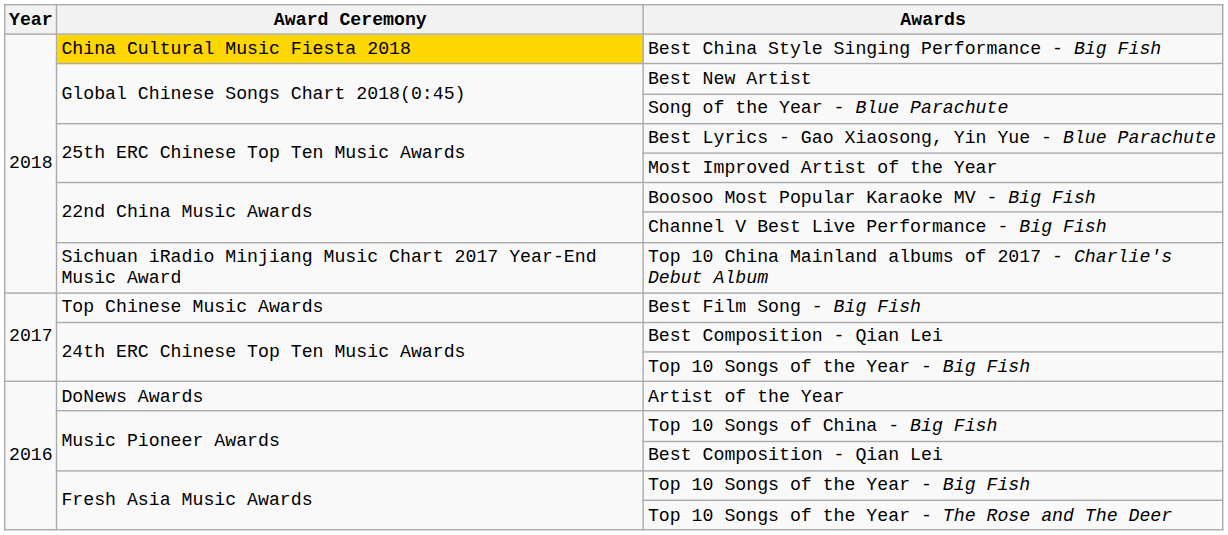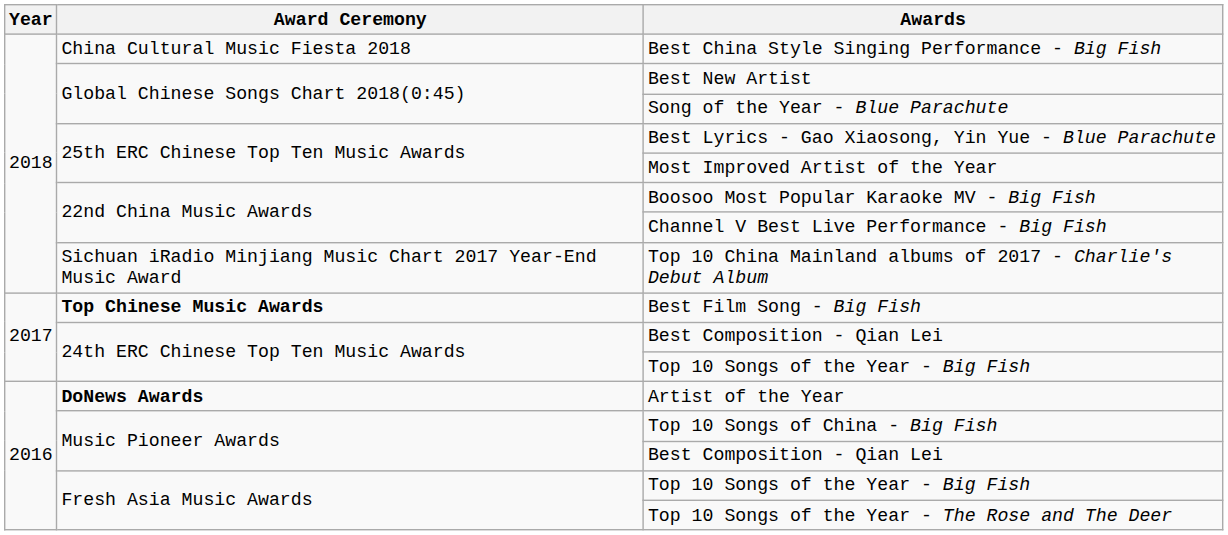 <table class="wikitable">
 <tr>
 <th>Year</th>
 <th>Award Ceremony</th>
 <th>Awards</th>
 </tr>
 <tr>
 <td rowspan="8">2018</td>
-<td style="background: gold;">China Cultural Music Fiesta 2018</td>
+<td>China Cultural Music Fiesta 2018</td>
 <td>Best China Style Singing Performance - <em>Big Fish</em></td>
 </tr>
 <tr>
 <td rowspan="2">Global Chinese Songs Chart 2018(0:45)</td>
 <td>Best New Artist</td>
 </tr>
 <tr>
 <td>Song of the Year - <em>Blue Parachute</em></td>
 </tr>
 <tr>
 <td rowspan="2">25th ERC Chinese Top Ten Music Awards</td>
 <td>Best Lyrics - Gao Xiaosong, Yin Yue - <em>Blue Parachute</em></td>
 </tr>
 <tr>
 <td>Most Improved Artist of the Year</td>
 </tr>
 <tr>
 <td rowspan="2">22nd China Music Awards</td>
 <td>Boosoo Most Popular Karaoke MV - <em>Big Fish</em></td>
 </tr>
 <tr>
 <td>Channel V Best Live Performance - <em>Big Fish</em></td>
 </tr>
 <tr>
 <td>Sichuan iRadio Minjiang Music Chart 2017 Year-End Music Award</td>
 <td>Top 10 China Mainland albums of 2017 - <em>Charlie's Debut Album</em></td>
 </tr>
 <tr>
 <td rowspan="3">2017</td>
-<td>Top Chinese Music Awards</td>
+<td><strong>Top Chinese Music Awards</strong></td>
 <td>Best Film Song - <em>Big Fish</em></td>
 </tr>
 <tr>
 <td rowspan="2">24th ERC Chinese Top Ten Music Awards</td>
 <td>Best Composition - Qian Lei</td>
 </tr>
 <tr>
 <td>Top 10 Songs of the Year - <em>Big Fish</em></td>
 </tr>
 <tr>
 <td rowspan="5">2016</td>
-<td>DoNews Awards</td>
+<td><strong>DoNews Awards</strong></td>
 <td>Artist of the Year</td>
 </tr>
 <tr>
 <td rowspan="2">Music Pioneer Awards</td>
 <td>Top 10 Songs of China - <em>Big Fish</em></td>
 </tr>
 <tr>
 <td>Best Composition - Qian Lei</td>
 </tr>
 <tr>
 <td rowspan="2">Fresh Asia Music Awards</td>
 <td>Top 10 Songs of the Year - <em>Big Fish</em></td>
 </tr>
 <tr>
 <td>Top 10 Songs of the Year - <em>The Rose and The Deer</em></td>
 </tr>
 </table>
